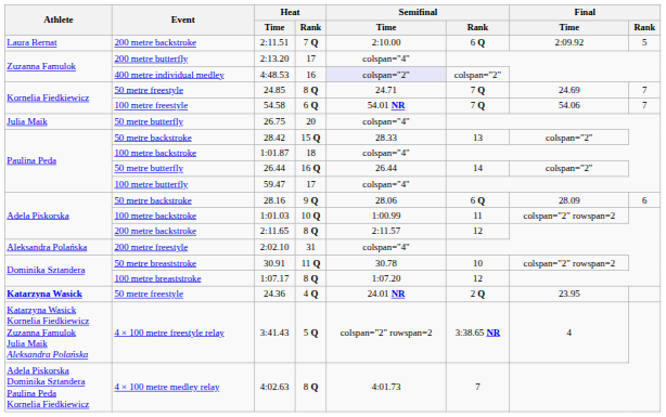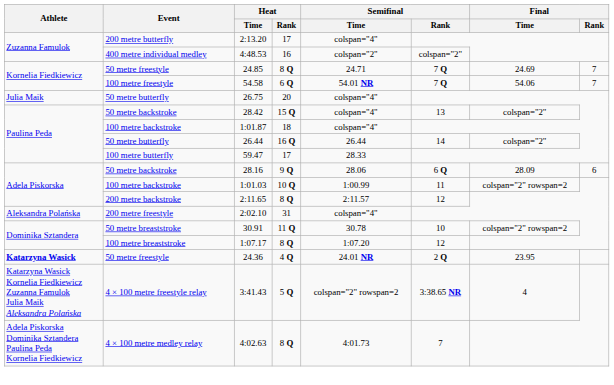 <table class="wikitable" style="text-align:center; font-size:90%; width:50%;">
 <tr>
 <th rowspan="2">Athlete</th>
 <th rowspan="2">Event</th>
 <th colspan="2">Heat</th>
 <th colspan="2">Semifinal</th>
 <th colspan="2">Final</th>
 </tr>
 <tr style="font-size:95%">
 <th>Time</th>
 <th>Rank</th>
 <th>Time</th>
 <th>Rank</th>
 <th>Time</th>
 <th>Rank</th>
 </tr>
 <tr>
-<td align=left><a href='#'>Laura Bernat</a></td>
-<td align=left><a href='#'>200 metre backstroke</a></td>
-<td>2:11.51</td>
-<td>7 <strong>Q</strong></td>
-<td>2:10.00</td>
-<td>6 <strong>Q</strong></td>
-<td>2:09.92</td>
-<td>5</td>
-</tr>
-<tr>
 <td align=left rowspan=2><a href='#'>Zuzanna Famulok</a></td>
 <td align=left><a href='#'> 200 metre butterfly</a></td>
 <td>2:13.20</td>
 <td>17</td>
 <td>colspan="4" </td>
 </tr>
 <tr>
 <td align=left><a href='#'>400 metre individual medley</a></td>
 <td>4:48.53</td>
 <td>16</td>
-<td style="background: lavender;">colspan="2" </td>
+<td>colspan="2" </td>
 <td>colspan="2" </td>
 </tr>
 <tr>
 <td align=left rowspan=2><a href='#'>Kornelia Fiedkiewicz</a></td>
 <td align=left><a href='#'>50 metre freestyle</a></td>
 <td>24.85</td>
 <td>8 <strong>Q</strong></td>
 <td>24.71</td>
 <td>7 <strong>Q</strong></td>
 <td>24.69</td>
 <td>7</td>
 </tr>
 <tr>
 <td align=left><a href='#'>100 metre freestyle</a></td>
 <td>54.58</td>
 <td>6 <strong>Q</strong></td>
 <td>54.01 <strong><a href='#'>NR</a></strong></td>
 <td>7 <strong>Q</strong></td>
 <td>54.06</td>
 <td>7</td>
 </tr>
 <tr>
 <td align=left><a href='#'>Julia Maik</a></td>
 <td align=left><a href='#'>50 metre butterfly</a></td>
 <td>26.75</td>
 <td>20</td>
 <td>colspan="4" </td>
 </tr>
 <tr>
 <td align=left rowspan=4><a href='#'>Paulina Peda</a></td>
 <td align=left><a href='#'>50 metre backstroke</a></td>
 <td>28.42</td>
 <td>15 <strong>Q</strong></td>
-<td>28.33</td>
+<td>colspan="4" </td>
 <td>13</td>
 <td>colspan="2" </td>
 </tr>
 <tr>
 <td align=left><a href='#'>100 metre backstroke</a></td>
 <td>1:01.87</td>
 <td>18</td>
 <td>colspan="4" </td>
 </tr>
 <tr>
 <td align=left><a href='#'>50 metre butterfly</a></td>
 <td>26.44</td>
 <td>16 <strong>Q</strong></td>
 <td>26.44</td>
 <td>14</td>
 <td>colspan="2" </td>
 </tr>
 <tr>
 <td align=left><a href='#'>100 metre butterfly</a></td>
 <td>59.47</td>
 <td>17</td>
-<td>colspan="4" </td>
+<td>28.33</td>
 </tr>
 <tr>
 <td align=left rowspan=3><a href='#'>Adela Piskorska</a></td>
 <td align=left><a href='#'>50 metre backstroke</a></td>
 <td>28.16</td>
 <td>9 <strong>Q</strong></td>
 <td>28.06</td>
 <td>6 <strong>Q</strong></td>
 <td>28.09</td>
 <td>6</td>
 </tr>
 <tr>
 <td align=left><a href='#'>100 metre backstroke</a></td>
 <td>1:01.03</td>
 <td>10 <strong>Q</strong></td>
 <td>1:00.99</td>
 <td>11</td>
 <td>colspan="2" rowspan=2</td>
 </tr>
 <tr>
 <td align=left><a href='#'>200 metre backstroke</a></td>
 <td>2:11.65</td>
 <td>8 <strong>Q</strong></td>
 <td>2:11.57</td>
 <td>12</td>
 </tr>
 <tr>
 <td align=left><a href='#'>Aleksandra Polańska</a></td>
 <td align=left><a href='#'>200 metre freestyle</a></td>
 <td>2:02.10</td>
 <td>31</td>
 <td>colspan="4" </td>
 </tr>
 <tr>
 <td align=left rowspan=2><a href='#'>Dominika Sztandera</a></td>
 <td align=left><a href='#'>50 metre breaststroke</a></td>
 <td>30.91</td>
 <td>11 <strong>Q</strong></td>
 <td>30.78</td>
 <td>10</td>
 <td>colspan="2" rowspan=2 </td>
 </tr>
 <tr>
 <td align=left><a href='#'>100 metre breaststroke</a></td>
 <td>1:07.17</td>
 <td>8 <strong>Q</strong></td>
 <td>1:07.20</td>
 <td>12</td>
 </tr>
 <tr>
 <td align=left><strong><a href='#'>Katarzyna Wasick</a></strong></td>
 <td align=left><a href='#'>50 metre freestyle</a></td>
 <td>24.36</td>
 <td>4 <strong>Q</strong></td>
 <td>24.01 <strong><a href='#'>NR</a></strong></td>
 <td>2 <strong>Q</strong></td>
 <td>23.95</td>
 <td></td>
 </tr>
 <tr>
 <td align=left><a href='#'>Katarzyna Wasick</a> <br><a href='#'>Kornelia Fiedkiewicz</a> <br><a href='#'>Zuzanna Famulok</a><br><a href='#'>Julia Maik</a><br><em><a href='#'>Aleksandra Polańska</a></em></td>
 <td align=left><a href='#'>4 × 100 metre freestyle relay</a></td>
 <td>3:41.43</td>
 <td>5 <strong>Q</strong></td>
 <td>colspan="2"  rowspan=2  </td>
 <td>3:38.65 <strong><a href='#'>NR</a></strong></td>
 <td>4</td>
 </tr>
 <tr>
 <td align=left><a href='#'>Adela Piskorska</a><br><a href='#'>Dominika Sztandera</a><br><a href='#'>Paulina Peda</a> <br><a href='#'>Kornelia Fiedkiewicz</a></td>
 <td align=left><a href='#'>4 × 100 metre medley relay</a></td>
 <td>4:02.63</td>
 <td>8 <strong>Q</strong></td>
 <td>4:01.73</td>
 <td>7</td>
 </tr>
 </table>
